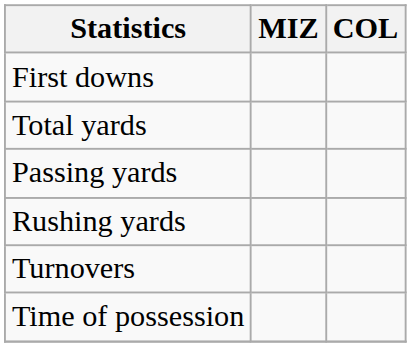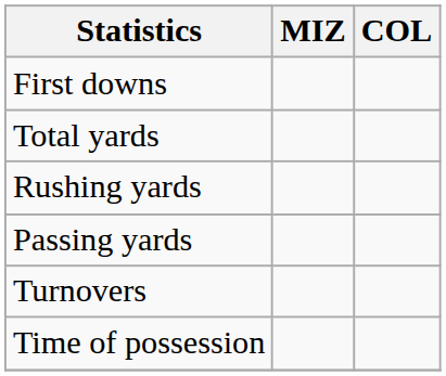 <table class="wikitable" style="float: left;">
 <tr>
 <th>Statistics</th>
 <th>MIZ</th>
 <th>COL</th>
 </tr>
 <tr>
 <td>First downs</td>
 <td></td>
 <td></td>
 </tr>
 <tr>
 <td>Total yards</td>
 <td></td>
 <td></td>
 </tr>
 <tr>
-<td>Passing yards</td>
+<td>Rushing yards</td>
 <td></td>
 <td></td>
 </tr>
 <tr>
-<td>Rushing yards</td>
+<td>Passing yards</td>
 <td></td>
 <td></td>
 </tr>
 <tr>
 <td>Turnovers</td>
 <td></td>
 <td></td>
 </tr>
 <tr>
 <td>Time of possession</td>
 <td></td>
 <td></td>
 </tr>
 <tr>
 </tr>
 </table>
